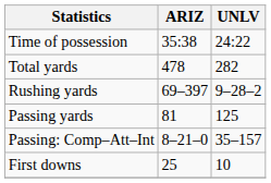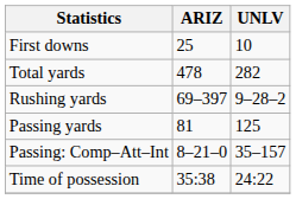 <table class="wikitable" style="float: left;">
 <tr>
 <th>Statistics</th>
 <th>ARIZ</th>
 <th>UNLV</th>
 </tr>
 <tr>
-<td>Time of possession</td>
-<td>35:38</td>
-<td>24:22</td>
+<td>First downs</td>
+<td>25</td>
+<td>10</td>
 </tr>
 <tr>
 <td>Total yards</td>
 <td>478</td>
 <td>282</td>
 </tr>
 <tr>
 <td>Rushing yards</td>
 <td>69–397</td>
 <td>9–28–2</td>
 </tr>
 <tr>
 <td>Passing yards</td>
 <td>81</td>
 <td>125</td>
 </tr>
 <tr>
 <td>Passing: Comp–Att–Int</td>
 <td>8–21–0</td>
 <td>35–157</td>
 </tr>
 <tr>
-<td>First downs</td>
-<td>25</td>
-<td>10</td>
+<td>Time of possession</td>
+<td>35:38</td>
+<td>24:22</td>
 </tr>
 <tr>
 </tr>
 </table>
